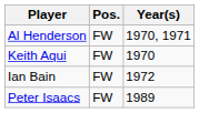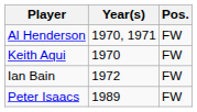 <table class="wikitable">
 <tr>
 <th width=px>Player</th>
+<th width=px>Year(s)</th>
 <th width=px>Pos.</th>
-<th width=px>Year(s)</th>
 </tr>
 <tr>
 <td><a href='#'>Al Henderson</a></td>
+<td>1970, 1971</td>
 <td>FW</td>
-<td>1970, 1971</td>
 </tr>
 <tr>
 <td><a href='#'>Keith Aqui</a></td>
+<td>1970</td>
 <td>FW</td>
-<td>1970</td>
 </tr>
 <tr>
 <td>Ian Bain</td>
+<td>1972</td>
 <td>FW</td>
-<td>1972</td>
 </tr>
 <tr>
 <td><a href='#'>Peter Isaacs</a></td>
+<td>1989</td>
 <td>FW</td>
-<td>1989</td>
 </tr>
 </table>
